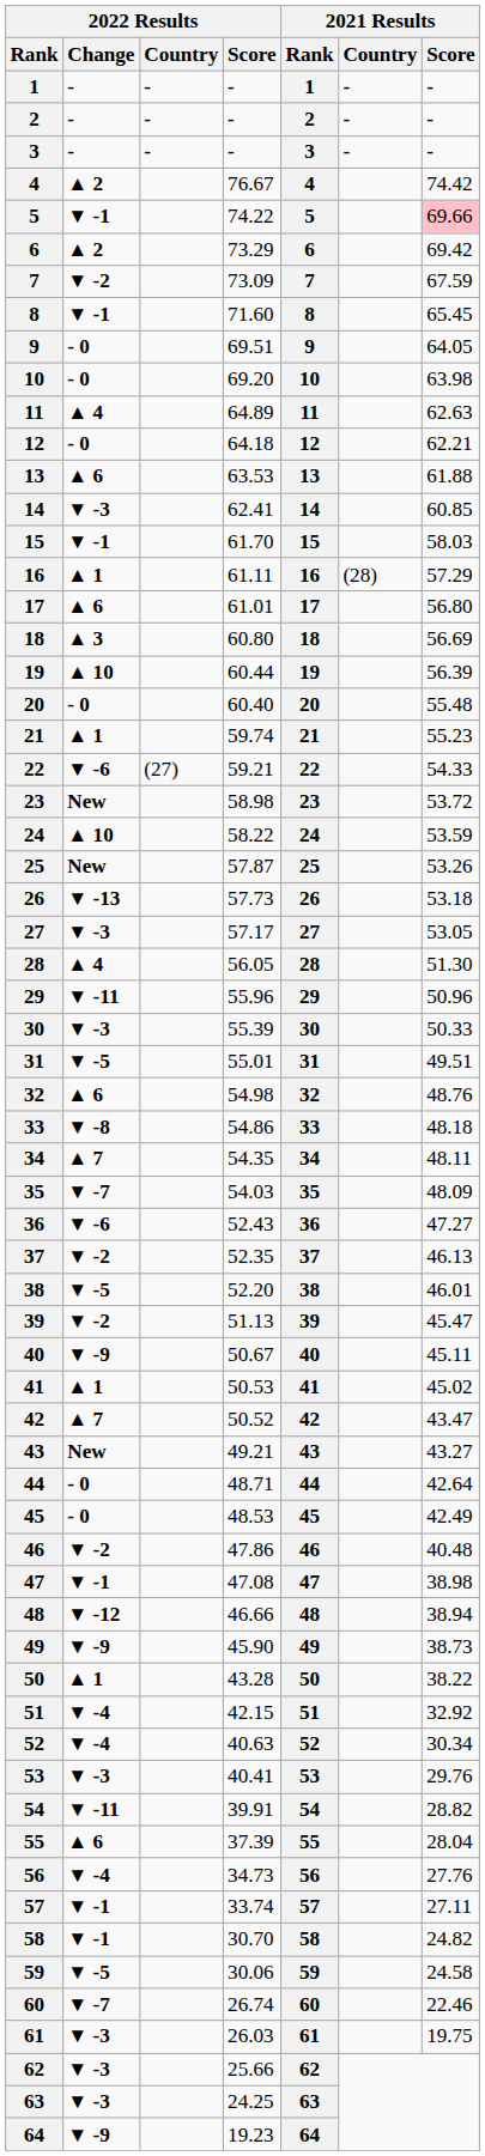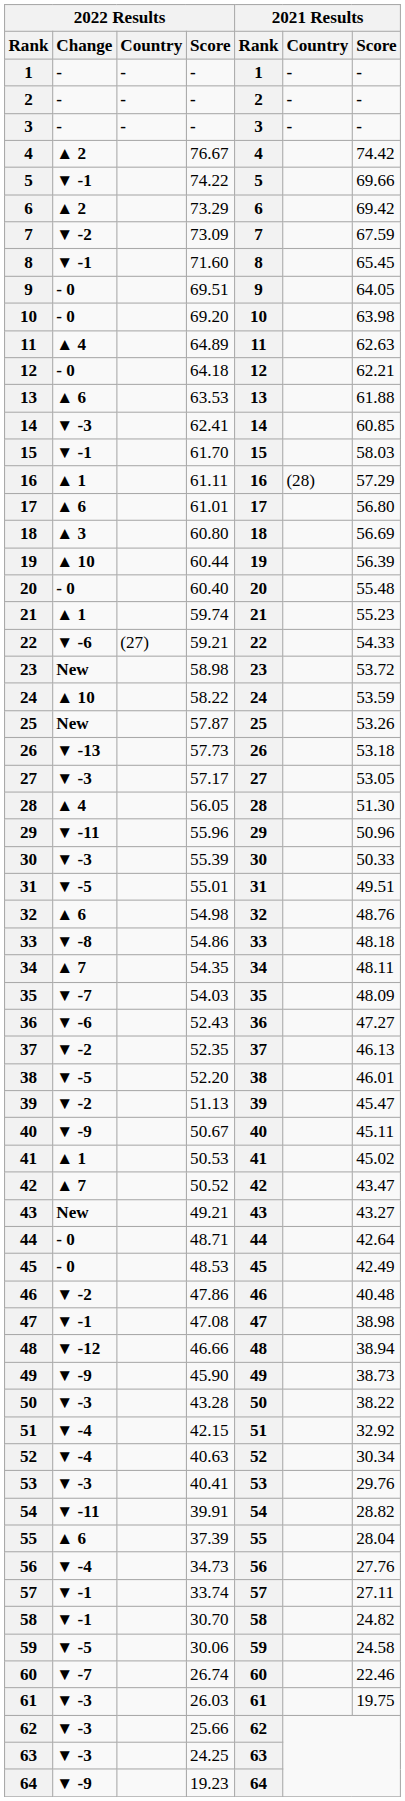 <table class="wikitable sortable">
 <tr>
 <th colspan="4">2022 Results</th>
 <th colspan="3">2021 Results</th>
 </tr>
 <tr>
 <th>Rank</th>
 <th>Change</th>
 <th>Country</th>
 <th>Score</th>
 <th>Rank</th>
 <th>Country</th>
 <th>Score</th>
 </tr>
 <tr>
 <th>1</th>
 <td><strong>-</strong></td>
 <td><strong>-</strong></td>
 <td><strong>-</strong></td>
 <th>1</th>
 <td><strong>-</strong></td>
 <td><strong>-</strong></td>
 </tr>
 <tr>
 <th>2</th>
 <td><strong>-</strong></td>
 <td><strong>-</strong></td>
 <td><strong>-</strong></td>
 <th>2</th>
 <td><strong>-</strong></td>
 <td><strong>-</strong></td>
 </tr>
 <tr>
 <th>3</th>
 <td><strong>-</strong></td>
 <td><strong>-</strong></td>
 <td><strong>-</strong></td>
 <th>3</th>
 <td><strong>-</strong></td>
 <td><strong>-</strong></td>
 </tr>
 <tr>
 <th>4</th>
 <td><strong>▲ 2</strong></td>
 <td></td>
 <td>76.67</td>
 <th>4</th>
 <td></td>
 <td>74.42</td>
 </tr>
 <tr>
 <th>5</th>
 <td><strong>▼ -1</strong></td>
 <td></td>
 <td>74.22</td>
 <th>5</th>
 <td></td>
-<td style="background: pink;">69.66</td>
+<td>69.66</td>
 </tr>
 <tr>
 <th>6</th>
 <td><strong>▲ 2</strong></td>
 <td></td>
 <td>73.29</td>
 <th>6</th>
 <td></td>
 <td>69.42</td>
 </tr>
 <tr>
 <th>7</th>
 <td><strong>▼ -2</strong></td>
 <td></td>
 <td>73.09</td>
 <th>7</th>
 <td></td>
 <td>67.59</td>
 </tr>
 <tr>
 <th>8</th>
 <td><strong>▼ -1</strong></td>
 <td></td>
 <td>71.60</td>
 <th>8</th>
 <td></td>
 <td>65.45</td>
 </tr>
 <tr>
 <th>9</th>
 <td><strong>- 0</strong></td>
 <td></td>
 <td>69.51</td>
 <th>9</th>
 <td></td>
 <td>64.05</td>
 </tr>
 <tr>
 <th>10</th>
 <td><strong>- 0</strong></td>
 <td></td>
 <td>69.20</td>
 <th>10</th>
 <td></td>
 <td>63.98</td>
 </tr>
 <tr>
 <th>11</th>
 <td><strong>▲ 4</strong></td>
 <td></td>
 <td>64.89</td>
 <th>11</th>
 <td></td>
 <td>62.63</td>
 </tr>
 <tr>
 <th>12</th>
 <td><strong>- 0</strong></td>
 <td></td>
 <td>64.18</td>
 <th>12</th>
 <td></td>
 <td>62.21</td>
 </tr>
 <tr>
 <th>13</th>
 <td><strong>▲ 6</strong></td>
 <td></td>
 <td>63.53</td>
 <th>13</th>
 <td></td>
 <td>61.88</td>
 </tr>
 <tr>
 <th>14</th>
 <td><strong>▼ -3</strong></td>
 <td></td>
 <td>62.41</td>
 <th>14</th>
 <td></td>
 <td>60.85</td>
 </tr>
 <tr>
 <th>15</th>
 <td><strong>▼ -1</strong></td>
 <td></td>
 <td>61.70</td>
 <th>15</th>
 <td></td>
 <td>58.03</td>
 </tr>
 <tr>
 <th>16</th>
 <td><strong>▲ 1</strong></td>
 <td></td>
 <td>61.11</td>
 <th>16</th>
 <td> (28)</td>
 <td>57.29</td>
 </tr>
 <tr>
 <th>17</th>
 <td><strong>▲ 6</strong></td>
 <td></td>
 <td>61.01</td>
 <th>17</th>
 <td></td>
 <td>56.80</td>
 </tr>
 <tr>
 <th>18</th>
 <td><strong>▲ 3</strong></td>
 <td></td>
 <td>60.80</td>
 <th>18</th>
 <td></td>
 <td>56.69</td>
 </tr>
 <tr>
 <th>19</th>
 <td><strong>▲ 10</strong></td>
 <td></td>
 <td>60.44</td>
 <th>19</th>
 <td></td>
 <td>56.39</td>
 </tr>
 <tr>
 <th>20</th>
 <td><strong>- 0</strong></td>
 <td></td>
 <td>60.40</td>
 <th>20</th>
 <td></td>
 <td>55.48</td>
 </tr>
 <tr>
 <th>21</th>
 <td><strong>▲ 1</strong></td>
 <td></td>
 <td>59.74</td>
 <th>21</th>
 <td></td>
 <td>55.23</td>
 </tr>
 <tr>
 <th>22</th>
 <td><strong>▼ -6</strong></td>
 <td> (27)</td>
 <td>59.21</td>
 <th>22</th>
 <td></td>
 <td>54.33</td>
 </tr>
 <tr>
 <th>23</th>
 <td><strong>New</strong></td>
 <td></td>
 <td>58.98</td>
 <th>23</th>
 <td></td>
 <td>53.72</td>
 </tr>
 <tr>
 <th>24</th>
 <td><strong>▲ 10</strong></td>
 <td></td>
 <td>58.22</td>
 <th>24</th>
 <td></td>
 <td>53.59</td>
 </tr>
 <tr>
 <th>25</th>
 <td><strong>New</strong></td>
 <td></td>
 <td>57.87</td>
 <th>25</th>
 <td></td>
 <td>53.26</td>
 </tr>
 <tr>
 <th>26</th>
 <td><strong>▼ -13</strong></td>
 <td></td>
 <td>57.73</td>
 <th>26</th>
 <td></td>
 <td>53.18</td>
 </tr>
 <tr>
 <th>27</th>
 <td><strong>▼ -3</strong></td>
 <td></td>
 <td>57.17</td>
 <th>27</th>
 <td></td>
 <td>53.05</td>
 </tr>
 <tr>
 <th>28</th>
 <td><strong>▲ 4</strong></td>
 <td></td>
 <td>56.05</td>
 <th>28</th>
 <td></td>
 <td>51.30</td>
 </tr>
 <tr>
 <th>29</th>
 <td><strong>▼ -11</strong></td>
 <td></td>
 <td>55.96</td>
 <th>29</th>
 <td></td>
 <td>50.96</td>
 </tr>
 <tr>
 <th>30</th>
 <td><strong>▼ -3</strong></td>
 <td></td>
 <td>55.39</td>
 <th>30</th>
 <td></td>
 <td>50.33</td>
 </tr>
 <tr>
 <th>31</th>
 <td><strong>▼ -5</strong></td>
 <td></td>
 <td>55.01</td>
 <th>31</th>
 <td></td>
 <td>49.51</td>
 </tr>
 <tr>
 <th>32</th>
 <td><strong>▲ 6</strong></td>
 <td></td>
 <td>54.98</td>
 <th>32</th>
 <td></td>
 <td>48.76</td>
 </tr>
 <tr>
 <th>33</th>
 <td><strong>▼ -8</strong></td>
 <td></td>
 <td>54.86</td>
 <th>33</th>
 <td></td>
 <td>48.18</td>
 </tr>
 <tr>
 <th>34</th>
 <td><strong>▲ 7</strong></td>
 <td></td>
 <td>54.35</td>
 <th>34</th>
 <td></td>
 <td>48.11</td>
 </tr>
 <tr>
 <th>35</th>
 <td><strong>▼ -7</strong></td>
 <td></td>
 <td>54.03</td>
 <th>35</th>
 <td></td>
 <td>48.09</td>
 </tr>
 <tr>
 <th>36</th>
 <td><strong>▼ -6</strong></td>
 <td></td>
 <td>52.43</td>
 <th>36</th>
 <td></td>
 <td>47.27</td>
 </tr>
 <tr>
 <th>37</th>
 <td><strong>▼ -2</strong></td>
 <td></td>
 <td>52.35</td>
 <th>37</th>
 <td></td>
 <td>46.13</td>
 </tr>
 <tr>
 <th>38</th>
 <td><strong>▼ -5</strong></td>
 <td></td>
 <td>52.20</td>
 <th>38</th>
 <td></td>
 <td>46.01</td>
 </tr>
 <tr>
 <th>39</th>
 <td><strong>▼ -2</strong></td>
 <td></td>
 <td>51.13</td>
 <th>39</th>
 <td></td>
 <td>45.47</td>
 </tr>
 <tr>
 <th>40</th>
 <td><strong>▼ -9</strong></td>
 <td></td>
 <td>50.67</td>
 <th>40</th>
 <td></td>
 <td>45.11</td>
 </tr>
 <tr>
 <th>41</th>
 <td><strong>▲ 1</strong></td>
 <td></td>
 <td>50.53</td>
 <th>41</th>
 <td></td>
 <td>45.02</td>
 </tr>
 <tr>
 <th>42</th>
 <td><strong>▲ 7</strong></td>
 <td></td>
 <td>50.52</td>
 <th>42</th>
 <td></td>
 <td>43.47</td>
 </tr>
 <tr>
 <th>43</th>
 <td><strong>New</strong></td>
 <td></td>
 <td>49.21</td>
 <th>43</th>
 <td></td>
 <td>43.27</td>
 </tr>
 <tr>
 <th>44</th>
 <td><strong>- 0</strong></td>
 <td></td>
 <td>48.71</td>
 <th>44</th>
 <td></td>
 <td>42.64</td>
 </tr>
 <tr>
 <th>45</th>
 <td><strong>- 0</strong></td>
 <td></td>
 <td>48.53</td>
 <th>45</th>
 <td></td>
 <td>42.49</td>
 </tr>
 <tr>
 <th>46</th>
 <td><strong>▼ -2</strong></td>
 <td></td>
 <td>47.86</td>
 <th>46</th>
 <td></td>
 <td>40.48</td>
 </tr>
 <tr>
 <th>47</th>
 <td><strong>▼ -1</strong></td>
 <td></td>
 <td>47.08</td>
 <th>47</th>
 <td></td>
 <td>38.98</td>
 </tr>
 <tr>
 <th>48</th>
 <td><strong>▼ -12</strong></td>
 <td></td>
 <td>46.66</td>
 <th>48</th>
 <td></td>
 <td>38.94</td>
 </tr>
 <tr>
 <th>49</th>
 <td><strong>▼ -9</strong></td>
 <td></td>
 <td>45.90</td>
 <th>49</th>
 <td></td>
 <td>38.73</td>
 </tr>
 <tr>
 <th>50</th>
-<td><strong>▲ 1</strong></td>
+<td><strong>▼ -3</strong></td>
 <td></td>
 <td>43.28</td>
 <th>50</th>
 <td></td>
 <td>38.22</td>
 </tr>
 <tr>
 <th>51</th>
 <td><strong>▼ -4</strong></td>
 <td></td>
 <td>42.15</td>
 <th>51</th>
 <td></td>
 <td>32.92</td>
 </tr>
 <tr>
 <th>52</th>
 <td><strong>▼ -4</strong></td>
 <td></td>
 <td>40.63</td>
 <th>52</th>
 <td></td>
 <td>30.34</td>
 </tr>
 <tr>
 <th>53</th>
 <td><strong>▼ -3</strong></td>
 <td></td>
 <td>40.41</td>
 <th>53</th>
 <td></td>
 <td>29.76</td>
 </tr>
 <tr>
 <th>54</th>
 <td><strong>▼ -11</strong></td>
 <td></td>
 <td>39.91</td>
 <th>54</th>
 <td></td>
 <td>28.82</td>
 </tr>
 <tr>
 <th>55</th>
 <td><strong>▲ 6</strong></td>
 <td></td>
 <td>37.39</td>
 <th>55</th>
 <td></td>
 <td>28.04</td>
 </tr>
 <tr>
 <th>56</th>
 <td><strong>▼ -4</strong></td>
 <td></td>
 <td>34.73</td>
 <th>56</th>
 <td></td>
 <td>27.76</td>
 </tr>
 <tr>
 <th>57</th>
 <td><strong>▼ -1</strong></td>
 <td></td>
 <td>33.74</td>
 <th>57</th>
 <td></td>
 <td>27.11</td>
 </tr>
 <tr>
 <th>58</th>
 <td><strong>▼ -1</strong></td>
 <td></td>
 <td>30.70</td>
 <th>58</th>
 <td></td>
 <td>24.82</td>
 </tr>
 <tr>
 <th>59</th>
 <td><strong>▼ -5</strong></td>
 <td></td>
 <td>30.06</td>
 <th>59</th>
 <td></td>
 <td>24.58</td>
 </tr>
 <tr>
 <th>60</th>
 <td><strong>▼ -7</strong></td>
 <td></td>
 <td>26.74</td>
 <th>60</th>
 <td></td>
 <td>22.46</td>
 </tr>
 <tr>
 <th>61</th>
 <td><strong>▼ -3</strong></td>
 <td></td>
 <td>26.03</td>
 <th>61</th>
 <td></td>
 <td>19.75</td>
 </tr>
 <tr>
 <th>62</th>
 <td><strong>▼ -3</strong></td>
 <td></td>
 <td>25.66</td>
 <th>62</th>
 <td colspan="2" rowspan="3"></td>
 </tr>
 <tr>
 <th>63</th>
 <td><strong>▼ -3</strong></td>
 <td></td>
 <td>24.25</td>
 <th>63</th>
 </tr>
 <tr>
 <th>64</th>
 <td><strong>▼ -9</strong></td>
 <td></td>
 <td>19.23</td>
 <th>64</th>
 </tr>
 </table>
